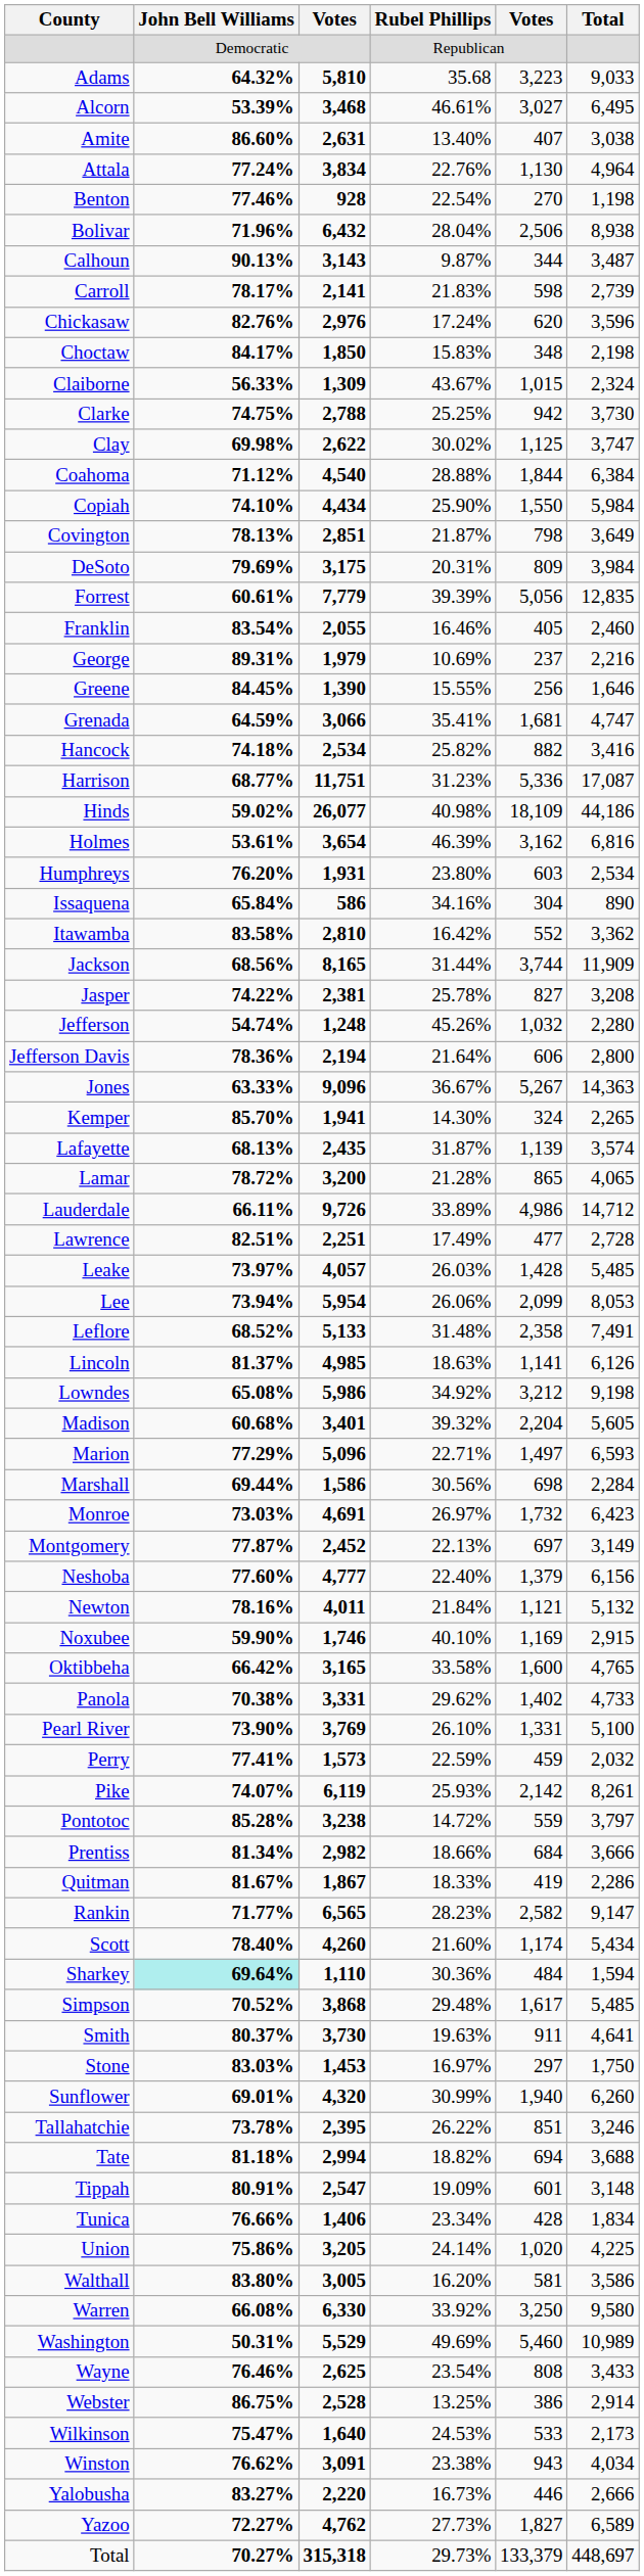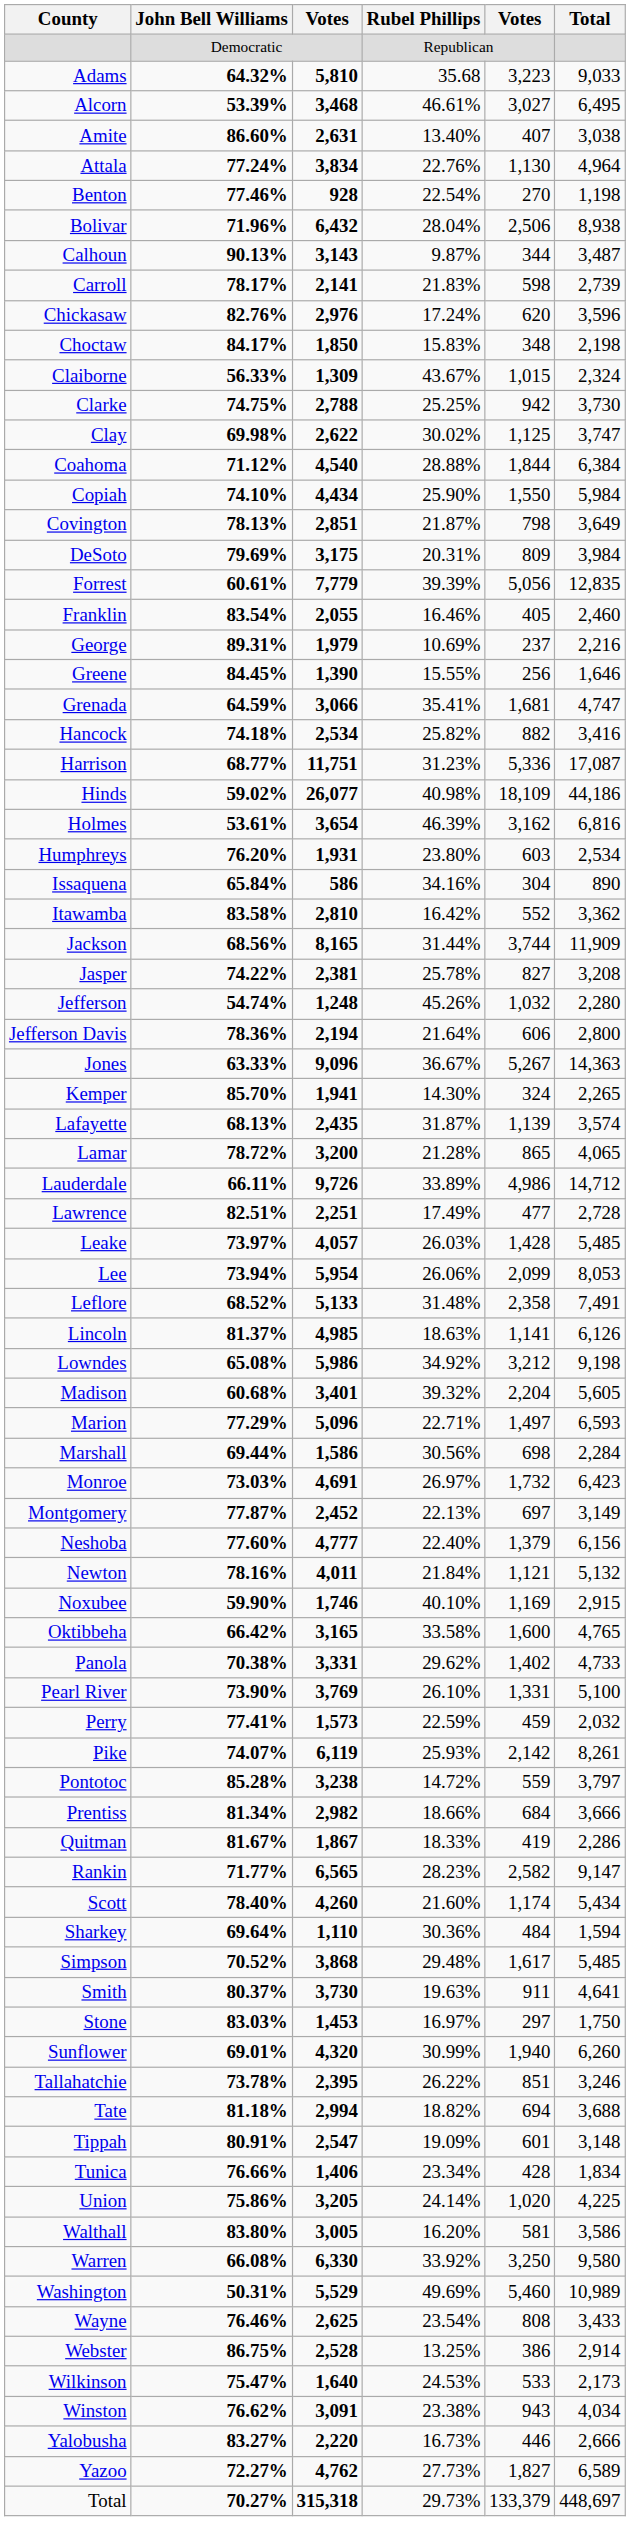 <table class="wikitable sortable">
 <tr>
 <th>County</th>
 <th>John Bell Williams</th>
 <th>Votes</th>
 <th>Rubel Phillips</th>
 <th>Votes</th>
 <th>Total</th>
 </tr>
 <tr style="background-color:#dddddd; font-size:small; text-align:center;">
 <td></td>
 <td colspan="2">Democratic</td>
 <td colspan="2">Republican</td>
 <td></td>
 </tr>
 <tr style="text-align:right;">
 <td><a href='#'>Adams</a></td>
 <td><strong>64.32%</strong></td>
 <td><strong>5,810</strong></td>
 <td>35.68</td>
 <td>3,223</td>
 <td>9,033</td>
 </tr>
 <tr style="text-align:right;">
 <td><a href='#'>Alcorn</a></td>
 <td><strong>53.39%</strong></td>
 <td><strong>3,468</strong></td>
 <td>46.61%</td>
 <td>3,027</td>
 <td>6,495</td>
 </tr>
 <tr style="text-align:right;">
 <td><a href='#'>Amite</a></td>
 <td><strong>86.60%</strong></td>
 <td><strong>2,631</strong></td>
 <td>13.40%</td>
 <td>407</td>
 <td>3,038</td>
 </tr>
 <tr style="text-align:right;">
 <td><a href='#'>Attala</a></td>
 <td><strong>77.24%</strong></td>
 <td><strong>3,834</strong></td>
 <td>22.76%</td>
 <td>1,130</td>
 <td>4,964</td>
 </tr>
 <tr style="text-align:right;">
 <td><a href='#'>Benton</a></td>
 <td><strong>77.46%</strong></td>
 <td><strong>928</strong></td>
 <td>22.54%</td>
 <td>270</td>
 <td>1,198</td>
 </tr>
 <tr style="text-align:right;">
 <td><a href='#'>Bolivar</a></td>
 <td><strong>71.96%</strong></td>
 <td><strong>6,432</strong></td>
 <td>28.04%</td>
 <td>2,506</td>
 <td>8,938</td>
 </tr>
 <tr style="text-align:right;">
 <td><a href='#'>Calhoun</a></td>
 <td><strong>90.13%</strong></td>
 <td><strong>3,143</strong></td>
 <td>9.87%</td>
 <td>344</td>
 <td>3,487</td>
 </tr>
 <tr style="text-align:right;">
 <td><a href='#'>Carroll</a></td>
 <td><strong>78.17%</strong></td>
 <td><strong>2,141</strong></td>
 <td>21.83%</td>
 <td>598</td>
 <td>2,739</td>
 </tr>
 <tr style="text-align:right;">
 <td><a href='#'>Chickasaw</a></td>
 <td><strong>82.76%</strong></td>
 <td><strong>2,976</strong></td>
 <td>17.24%</td>
 <td>620</td>
 <td>3,596</td>
 </tr>
 <tr style="text-align:right;">
 <td><a href='#'>Choctaw</a></td>
 <td><strong>84.17%</strong></td>
 <td><strong>1,850</strong></td>
 <td>15.83%</td>
 <td>348</td>
 <td>2,198</td>
 </tr>
 <tr style="text-align:right;">
 <td><a href='#'>Claiborne</a></td>
 <td><strong>56.33%</strong></td>
 <td><strong>1,309</strong></td>
 <td>43.67%</td>
 <td>1,015</td>
 <td>2,324</td>
 </tr>
 <tr style="text-align:right;">
 <td><a href='#'>Clarke</a></td>
 <td><strong>74.75%</strong></td>
 <td><strong>2,788</strong></td>
 <td>25.25%</td>
 <td>942</td>
 <td>3,730</td>
 </tr>
 <tr style="text-align:right;">
 <td><a href='#'>Clay</a></td>
 <td><strong>69.98%</strong></td>
 <td><strong>2,622</strong></td>
 <td>30.02%</td>
 <td>1,125</td>
 <td>3,747</td>
 </tr>
 <tr style="text-align:right;">
 <td><a href='#'>Coahoma</a></td>
 <td><strong>71.12%</strong></td>
 <td><strong>4,540</strong></td>
 <td>28.88%</td>
 <td>1,844</td>
 <td>6,384</td>
 </tr>
 <tr style="text-align:right;">
 <td><a href='#'>Copiah</a></td>
 <td><strong>74.10%</strong></td>
 <td><strong>4,434</strong></td>
 <td>25.90%</td>
 <td>1,550</td>
 <td>5,984</td>
 </tr>
 <tr style="text-align:right;">
 <td><a href='#'>Covington</a></td>
 <td><strong>78.13%</strong></td>
 <td><strong>2,851</strong></td>
 <td>21.87%</td>
 <td>798</td>
 <td>3,649</td>
 </tr>
 <tr style="text-align:right;">
 <td><a href='#'>DeSoto</a></td>
 <td><strong>79.69%</strong></td>
 <td><strong>3,175</strong></td>
 <td>20.31%</td>
 <td>809</td>
 <td>3,984</td>
 </tr>
 <tr style="text-align:right;">
 <td><a href='#'>Forrest</a></td>
 <td><strong>60.61%</strong></td>
 <td><strong>7,779</strong></td>
 <td>39.39%</td>
 <td>5,056</td>
 <td>12,835</td>
 </tr>
 <tr style="text-align:right;">
 <td><a href='#'>Franklin</a></td>
 <td><strong>83.54%</strong></td>
 <td><strong>2,055</strong></td>
 <td>16.46%</td>
 <td>405</td>
 <td>2,460</td>
 </tr>
 <tr style="text-align:right;">
 <td><a href='#'>George</a></td>
 <td><strong>89.31%</strong></td>
 <td><strong>1,979</strong></td>
 <td>10.69%</td>
 <td>237</td>
 <td>2,216</td>
 </tr>
 <tr style="text-align:right;">
 <td><a href='#'>Greene</a></td>
 <td><strong>84.45%</strong></td>
 <td><strong>1,390</strong></td>
 <td>15.55%</td>
 <td>256</td>
 <td>1,646</td>
 </tr>
 <tr style="text-align:right;">
 <td><a href='#'>Grenada</a></td>
 <td><strong>64.59%</strong></td>
 <td><strong>3,066</strong></td>
 <td>35.41%</td>
 <td>1,681</td>
 <td>4,747</td>
 </tr>
 <tr style="text-align:right;">
 <td><a href='#'>Hancock</a></td>
 <td><strong>74.18%</strong></td>
 <td><strong>2,534</strong></td>
 <td>25.82%</td>
 <td>882</td>
 <td>3,416</td>
 </tr>
 <tr style="text-align:right;">
 <td><a href='#'>Harrison</a></td>
 <td><strong>68.77%</strong></td>
 <td><strong>11,751</strong></td>
 <td>31.23%</td>
 <td>5,336</td>
 <td>17,087</td>
 </tr>
 <tr style="text-align:right;">
 <td><a href='#'>Hinds</a></td>
 <td><strong>59.02%</strong></td>
 <td><strong>26,077</strong></td>
 <td>40.98%</td>
 <td>18,109</td>
 <td>44,186</td>
 </tr>
 <tr style="text-align:right;">
 <td><a href='#'>Holmes</a></td>
 <td><strong>53.61%</strong></td>
 <td><strong>3,654</strong></td>
 <td>46.39%</td>
 <td>3,162</td>
 <td>6,816</td>
 </tr>
 <tr style="text-align:right;">
 <td><a href='#'>Humphreys</a></td>
 <td><strong>76.20%</strong></td>
 <td><strong>1,931</strong></td>
 <td>23.80%</td>
 <td>603</td>
 <td>2,534</td>
 </tr>
 <tr style="text-align:right;">
 <td><a href='#'>Issaquena</a></td>
 <td><strong>65.84%</strong></td>
 <td><strong>586</strong></td>
 <td>34.16%</td>
 <td>304</td>
 <td>890</td>
 </tr>
 <tr style="text-align:right;">
 <td><a href='#'>Itawamba</a></td>
 <td><strong>83.58%</strong></td>
 <td><strong>2,810</strong></td>
 <td>16.42%</td>
 <td>552</td>
 <td>3,362</td>
 </tr>
 <tr style="text-align:right;">
 <td><a href='#'>Jackson</a></td>
 <td><strong>68.56%</strong></td>
 <td><strong>8,165</strong></td>
 <td>31.44%</td>
 <td>3,744</td>
 <td>11,909</td>
 </tr>
 <tr style="text-align:right;">
 <td><a href='#'>Jasper</a></td>
 <td><strong>74.22%</strong></td>
 <td><strong>2,381</strong></td>
 <td>25.78%</td>
 <td>827</td>
 <td>3,208</td>
 </tr>
 <tr style="text-align:right;">
 <td><a href='#'>Jefferson</a></td>
 <td><strong>54.74%</strong></td>
 <td><strong>1,248</strong></td>
 <td>45.26%</td>
 <td>1,032</td>
 <td>2,280</td>
 </tr>
 <tr style="text-align:right;">
 <td><a href='#'>Jefferson Davis</a></td>
 <td><strong>78.36%</strong></td>
 <td><strong>2,194</strong></td>
 <td>21.64%</td>
 <td>606</td>
 <td>2,800</td>
 </tr>
 <tr style="text-align:right;">
 <td><a href='#'>Jones</a></td>
 <td><strong>63.33%</strong></td>
 <td><strong>9,096</strong></td>
 <td>36.67%</td>
 <td>5,267</td>
 <td>14,363</td>
 </tr>
 <tr style="text-align:right;">
 <td><a href='#'>Kemper</a></td>
 <td><strong>85.70%</strong></td>
 <td><strong>1,941</strong></td>
 <td>14.30%</td>
 <td>324</td>
 <td>2,265</td>
 </tr>
 <tr style="text-align:right;">
 <td><a href='#'>Lafayette</a></td>
 <td><strong>68.13%</strong></td>
 <td><strong>2,435</strong></td>
 <td>31.87%</td>
 <td>1,139</td>
 <td>3,574</td>
 </tr>
 <tr style="text-align:right;">
 <td><a href='#'>Lamar</a></td>
 <td><strong>78.72%</strong></td>
 <td><strong>3,200</strong></td>
 <td>21.28%</td>
 <td>865</td>
 <td>4,065</td>
 </tr>
 <tr style="text-align:right;">
 <td><a href='#'>Lauderdale</a></td>
 <td><strong>66.11%</strong></td>
 <td><strong>9,726</strong></td>
 <td>33.89%</td>
 <td>4,986</td>
 <td>14,712</td>
 </tr>
 <tr style="text-align:right;">
 <td><a href='#'>Lawrence</a></td>
 <td><strong>82.51%</strong></td>
 <td><strong>2,251</strong></td>
 <td>17.49%</td>
 <td>477</td>
 <td>2,728</td>
 </tr>
 <tr style="text-align:right;">
 <td><a href='#'>Leake</a></td>
 <td><strong>73.97%</strong></td>
 <td><strong>4,057</strong></td>
 <td>26.03%</td>
 <td>1,428</td>
 <td>5,485</td>
 </tr>
 <tr style="text-align:right;">
 <td><a href='#'>Lee</a></td>
 <td><strong>73.94%</strong></td>
 <td><strong>5,954</strong></td>
 <td>26.06%</td>
 <td>2,099</td>
 <td>8,053</td>
 </tr>
 <tr style="text-align:right;">
 <td><a href='#'>Leflore</a></td>
 <td><strong>68.52%</strong></td>
 <td><strong>5,133</strong></td>
 <td>31.48%</td>
 <td>2,358</td>
 <td>7,491</td>
 </tr>
 <tr style="text-align:right;">
 <td><a href='#'>Lincoln</a></td>
 <td><strong>81.37%</strong></td>
 <td><strong>4,985</strong></td>
 <td>18.63%</td>
 <td>1,141</td>
 <td>6,126</td>
 </tr>
 <tr style="text-align:right;">
 <td><a href='#'>Lowndes</a></td>
 <td><strong>65.08%</strong></td>
 <td><strong>5,986</strong></td>
 <td>34.92%</td>
 <td>3,212</td>
 <td>9,198</td>
 </tr>
 <tr style="text-align:right;">
 <td><a href='#'>Madison</a></td>
 <td><strong>60.68%</strong></td>
 <td><strong>3,401</strong></td>
 <td>39.32%</td>
 <td>2,204</td>
 <td>5,605</td>
 </tr>
 <tr style="text-align:right;">
 <td><a href='#'>Marion</a></td>
 <td><strong>77.29%</strong></td>
 <td><strong>5,096</strong></td>
 <td>22.71%</td>
 <td>1,497</td>
 <td>6,593</td>
 </tr>
 <tr style="text-align:right;">
 <td><a href='#'>Marshall</a></td>
 <td><strong>69.44%</strong></td>
 <td><strong>1,586</strong></td>
 <td>30.56%</td>
 <td>698</td>
 <td>2,284</td>
 </tr>
 <tr style="text-align:right;">
 <td><a href='#'>Monroe</a></td>
 <td><strong>73.03%</strong></td>
 <td><strong>4,691</strong></td>
 <td>26.97%</td>
 <td>1,732</td>
 <td>6,423</td>
 </tr>
 <tr style="text-align:right;">
 <td><a href='#'>Montgomery</a></td>
 <td><strong>77.87%</strong></td>
 <td><strong>2,452</strong></td>
 <td>22.13%</td>
 <td>697</td>
 <td>3,149</td>
 </tr>
 <tr style="text-align:right;">
 <td><a href='#'>Neshoba</a></td>
 <td><strong>77.60%</strong></td>
 <td><strong>4,777</strong></td>
 <td>22.40%</td>
 <td>1,379</td>
 <td>6,156</td>
 </tr>
 <tr style="text-align:right;">
 <td><a href='#'>Newton</a></td>
 <td><strong>78.16%</strong></td>
 <td><strong>4,011</strong></td>
 <td>21.84%</td>
 <td>1,121</td>
 <td>5,132</td>
 </tr>
 <tr style="text-align:right;">
 <td><a href='#'>Noxubee</a></td>
 <td><strong>59.90%</strong></td>
 <td><strong>1,746</strong></td>
 <td>40.10%</td>
 <td>1,169</td>
 <td>2,915</td>
 </tr>
 <tr style="text-align:right;">
 <td><a href='#'>Oktibbeha</a></td>
 <td><strong>66.42%</strong></td>
 <td><strong>3,165</strong></td>
 <td>33.58%</td>
 <td>1,600</td>
 <td>4,765</td>
 </tr>
 <tr style="text-align:right;">
 <td><a href='#'>Panola</a></td>
 <td><strong>70.38%</strong></td>
 <td><strong>3,331</strong></td>
 <td>29.62%</td>
 <td>1,402</td>
 <td>4,733</td>
 </tr>
 <tr style="text-align:right;">
 <td><a href='#'>Pearl River</a></td>
 <td><strong>73.90%</strong></td>
 <td><strong>3,769</strong></td>
 <td>26.10%</td>
 <td>1,331</td>
 <td>5,100</td>
 </tr>
 <tr style="text-align:right;">
 <td><a href='#'>Perry</a></td>
 <td><strong>77.41%</strong></td>
 <td><strong>1,573</strong></td>
 <td>22.59%</td>
 <td>459</td>
 <td>2,032</td>
 </tr>
 <tr style="text-align:right;">
 <td><a href='#'>Pike</a></td>
 <td><strong>74.07%</strong></td>
 <td><strong>6,119</strong></td>
 <td>25.93%</td>
 <td>2,142</td>
 <td>8,261</td>
 </tr>
 <tr style="text-align:right;">
 <td><a href='#'>Pontotoc</a></td>
 <td><strong>85.28%</strong></td>
 <td><strong>3,238</strong></td>
 <td>14.72%</td>
 <td>559</td>
 <td>3,797</td>
 </tr>
 <tr style="text-align:right;">
 <td><a href='#'>Prentiss</a></td>
 <td><strong>81.34%</strong></td>
 <td><strong>2,982</strong></td>
 <td>18.66%</td>
 <td>684</td>
 <td>3,666</td>
 </tr>
 <tr style="text-align:right;">
 <td><a href='#'>Quitman</a></td>
 <td><strong>81.67%</strong></td>
 <td><strong>1,867</strong></td>
 <td>18.33%</td>
 <td>419</td>
 <td>2,286</td>
 </tr>
 <tr style="text-align:right;">
 <td><a href='#'>Rankin</a></td>
 <td><strong>71.77%</strong></td>
 <td><strong>6,565</strong></td>
 <td>28.23%</td>
 <td>2,582</td>
 <td>9,147</td>
 </tr>
 <tr style="text-align:right;">
 <td><a href='#'>Scott</a></td>
 <td><strong>78.40%</strong></td>
 <td><strong>4,260</strong></td>
 <td>21.60%</td>
 <td>1,174</td>
 <td>5,434</td>
 </tr>
 <tr style="text-align:right;">
 <td><a href='#'>Sharkey</a></td>
-<td style="background: paleturquoise;"><strong>69.64%</strong></td>
+<td><strong>69.64%</strong></td>
 <td><strong>1,110</strong></td>
 <td>30.36%</td>
 <td>484</td>
 <td>1,594</td>
 </tr>
 <tr style="text-align:right;">
 <td><a href='#'>Simpson</a></td>
 <td><strong>70.52%</strong></td>
 <td><strong>3,868</strong></td>
 <td>29.48%</td>
 <td>1,617</td>
 <td>5,485</td>
 </tr>
 <tr style="text-align:right;">
 <td><a href='#'>Smith</a></td>
 <td><strong>80.37%</strong></td>
 <td><strong>3,730</strong></td>
 <td>19.63%</td>
 <td>911</td>
 <td>4,641</td>
 </tr>
 <tr style="text-align:right;">
 <td><a href='#'>Stone</a></td>
 <td><strong>83.03%</strong></td>
 <td><strong>1,453</strong></td>
 <td>16.97%</td>
 <td>297</td>
 <td>1,750</td>
 </tr>
 <tr style="text-align:right;">
 <td><a href='#'>Sunflower</a></td>
 <td><strong>69.01%</strong></td>
 <td><strong>4,320</strong></td>
 <td>30.99%</td>
 <td>1,940</td>
 <td>6,260</td>
 </tr>
 <tr style="text-align:right;">
 <td><a href='#'>Tallahatchie</a></td>
 <td><strong>73.78%</strong></td>
 <td><strong>2,395</strong></td>
 <td>26.22%</td>
 <td>851</td>
 <td>3,246</td>
 </tr>
 <tr style="text-align:right;">
 <td><a href='#'>Tate</a></td>
 <td><strong>81.18%</strong></td>
 <td><strong>2,994</strong></td>
 <td>18.82%</td>
 <td>694</td>
 <td>3,688</td>
 </tr>
 <tr style="text-align:right;">
 <td><a href='#'>Tippah</a></td>
 <td><strong>80.91%</strong></td>
 <td><strong>2,547</strong></td>
 <td>19.09%</td>
 <td>601</td>
 <td>3,148</td>
 </tr>
 <tr style="text-align:right;">
 <td><a href='#'>Tunica</a></td>
 <td><strong>76.66%</strong></td>
 <td><strong>1,406</strong></td>
 <td>23.34%</td>
 <td>428</td>
 <td>1,834</td>
 </tr>
 <tr style="text-align:right;">
 <td><a href='#'>Union</a></td>
 <td><strong>75.86%</strong></td>
 <td><strong>3,205</strong></td>
 <td>24.14%</td>
 <td>1,020</td>
 <td>4,225</td>
 </tr>
 <tr style="text-align:right;">
 <td><a href='#'>Walthall</a></td>
 <td><strong>83.80%</strong></td>
 <td><strong>3,005</strong></td>
 <td>16.20%</td>
 <td>581</td>
 <td>3,586</td>
 </tr>
 <tr style="text-align:right;">
 <td><a href='#'>Warren</a></td>
 <td><strong>66.08%</strong></td>
 <td><strong>6,330</strong></td>
 <td>33.92%</td>
 <td>3,250</td>
 <td>9,580</td>
 </tr>
 <tr style="text-align:right;">
 <td><a href='#'>Washington</a></td>
 <td><strong>50.31%</strong></td>
 <td><strong>5,529</strong></td>
 <td>49.69%</td>
 <td>5,460</td>
 <td>10,989</td>
 </tr>
 <tr style="text-align:right;">
 <td><a href='#'>Wayne</a></td>
 <td><strong>76.46%</strong></td>
 <td><strong>2,625</strong></td>
 <td>23.54%</td>
 <td>808</td>
 <td>3,433</td>
 </tr>
 <tr style="text-align:right;">
 <td><a href='#'>Webster</a></td>
 <td><strong>86.75%</strong></td>
 <td><strong>2,528</strong></td>
 <td>13.25%</td>
 <td>386</td>
 <td>2,914</td>
 </tr>
 <tr style="text-align:right;">
 <td><a href='#'>Wilkinson</a></td>
 <td><strong>75.47%</strong></td>
 <td><strong>1,640</strong></td>
 <td>24.53%</td>
 <td>533</td>
 <td>2,173</td>
 </tr>
 <tr style="text-align:right;">
 <td><a href='#'>Winston</a></td>
 <td><strong>76.62%</strong></td>
 <td><strong>3,091</strong></td>
 <td>23.38%</td>
 <td>943</td>
 <td>4,034</td>
 </tr>
 <tr style="text-align:right;">
 <td><a href='#'>Yalobusha</a></td>
 <td><strong>83.27%</strong></td>
 <td><strong>2,220</strong></td>
 <td>16.73%</td>
 <td>446</td>
 <td>2,666</td>
 </tr>
 <tr style="text-align:right;">
 <td><a href='#'>Yazoo</a></td>
 <td><strong>72.27%</strong></td>
 <td><strong>4,762</strong></td>
 <td>27.73%</td>
 <td>1,827</td>
 <td>6,589</td>
 </tr>
 <tr style="text-align:right;">
 <td>Total</td>
 <td><strong>70.27%</strong></td>
 <td><strong>315,318</strong></td>
 <td>29.73%</td>
 <td>133,379</td>
 <td>448,697</td>
 </tr>
 </table>
